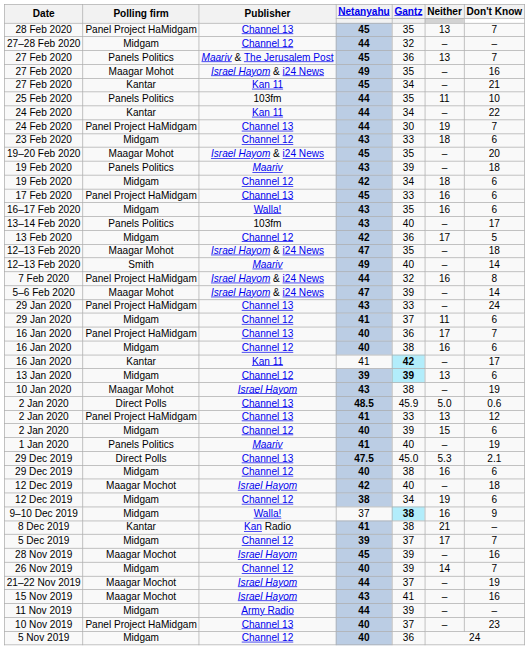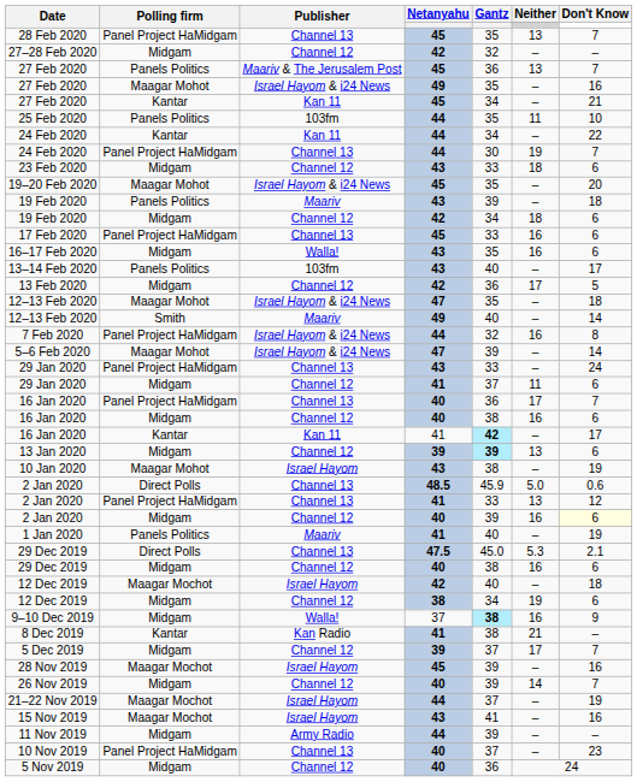 <table class="wikitable sortable" style="text-align:center; font-size:90%; line-height:13px;">
 <tr>
 <th rowspan=2>Date</th>
 <th rowspan=2>Polling firm</th>
 <th rowspan=2>Publisher</th>
 <th><a href='#'>Netanyahu</a></th>
 <th><a href='#'>Gantz</a></th>
 <th>Neither</th>
 <th>Don't Know</th>
 </tr>
 <tr>
 <th style="background:"></th>
 <th style="background:"></th>
 <th style="background:#d3d3d3"></th>
 <th style="background:#ffffff"></th>
 </tr>
 <tr>
 <td data-sort-value="2020-02-28">28 Feb 2020</td>
 <td>Panel Project HaMidgam</td>
 <td><a href='#'>Channel 13</a></td>
 <td style="background:#BBCDE4"><strong>45</strong>	</td>
 <td>35					</td>
 <td>13					</td>
 <td>7					</td>
 </tr>
 <tr>
 <td data-sort-value="2020-02-28">27–28 Feb 2020</td>
 <td>Midgam</td>
 <td><a href='#'>Channel 12</a></td>
-<td style="background:#BBCDE4"><strong>44</strong>	</td>
+<td style="background:#BBCDE4"><strong>42</strong>	</td>
 <td>32					</td>
 <td>–					</td>
 <td>–					</td>
 </tr>
 <tr>
 <td data-sort-value="2020-02-27">27 Feb 2020</td>
 <td>Panels Politics</td>
 <td><em><a href='#'>Maariv</a></em> & <a href='#'>The Jerusalem Post</a></td>
 <td style="background:#BBCDE4"><strong>45</strong>	</td>
 <td>36					</td>
 <td>13					</td>
 <td>7					</td>
 </tr>
 <tr>
 <td data-sort-value="2020-02-27">27 Feb 2020</td>
 <td>Maagar Mohot</td>
 <td><em><a href='#'>Israel Hayom</a></em> & <a href='#'>i24 News</a></td>
 <td style="background:#BBCDE4"><strong>49</strong>	</td>
 <td>35					</td>
 <td>–					</td>
 <td>16					</td>
 </tr>
 <tr>
 <td data-sort-value="2020-02-27">27 Feb 2020</td>
 <td>Kantar</td>
 <td><a href='#'>Kan 11</a></td>
 <td style="background:#BBCDE4"><strong>45</strong>	</td>
 <td>34					</td>
 <td>–					</td>
 <td>21					</td>
 </tr>
 <tr>
 <td data-sort-value="2020-02-25">25 Feb 2020</td>
 <td>Panels Politics</td>
 <td>103fm</td>
 <td style="background:#BBCDE4"><strong>44</strong>	</td>
 <td>35					</td>
 <td>11					</td>
 <td>10					</td>
 </tr>
 <tr>
 <td data-sort-value="2020-02-24">24 Feb 2020</td>
 <td>Kantar</td>
 <td><a href='#'>Kan 11</a></td>
 <td style="background:#BBCDE4"><strong>44</strong>	</td>
 <td>34					</td>
 <td>–					</td>
 <td>22					</td>
 </tr>
 <tr>
 <td data-sort-value="2020-02-24">24 Feb 2020</td>
 <td>Panel Project HaMidgam</td>
 <td><a href='#'>Channel 13</a></td>
 <td style="background:#BBCDE4"><strong>44</strong>	</td>
 <td>30					</td>
 <td>19					</td>
 <td>7					</td>
 </tr>
 <tr>
 <td data-sort-value="2020-02-23">23 Feb 2020</td>
 <td>Midgam</td>
 <td><a href='#'>Channel 12</a></td>
 <td style="background:#BBCDE4"><strong>43</strong>	</td>
 <td>33					</td>
 <td>18					</td>
 <td>6					</td>
 </tr>
 <tr>
 <td data-sort-value="2020-02-20">19–20 Feb 2020</td>
 <td>Maagar Mohot</td>
 <td><em><a href='#'>Israel Hayom</a></em> & <a href='#'>i24 News</a></td>
 <td style="background:#BBCDE4"><strong>45</strong>	</td>
 <td>35					</td>
 <td>–					</td>
 <td>20					</td>
 </tr>
 <tr>
 <td data-sort-value="2020-02-19">19 Feb 2020</td>
 <td>Panels Politics</td>
 <td><em><a href='#'>Maariv</a></em></td>
 <td style="background:#BBCDE4"><strong>43</strong>	</td>
 <td>39					</td>
 <td>–					</td>
 <td>18					</td>
 </tr>
 <tr>
 <td data-sort-value="2020-02-19">19 Feb 2020</td>
 <td>Midgam</td>
 <td><a href='#'>Channel 12</a></td>
 <td style="background:#BBCDE4"><strong>42</strong>	</td>
 <td>34					</td>
 <td>18					</td>
 <td>6					</td>
 </tr>
 <tr>
 <td data-sort-value="2020-02-17">17 Feb 2020</td>
 <td>Panel Project HaMidgam</td>
 <td><a href='#'>Channel 13</a></td>
 <td style="background:#BBCDE4"><strong>45</strong>	</td>
 <td>33					</td>
 <td>16					</td>
 <td>6					</td>
 </tr>
 <tr>
 <td data-sort-value="2020-02-17">16–17 Feb 2020</td>
 <td>Midgam</td>
 <td><a href='#'>Walla!</a></td>
 <td style="background:#BBCDE4"><strong>43</strong>	</td>
 <td>35					</td>
 <td>16					</td>
 <td>6					</td>
 </tr>
 <tr>
 <td data-sort-value="2020-02-14">13–14 Feb 2020</td>
 <td>Panels Politics</td>
 <td>103fm</td>
 <td style="background:#BBCDE4"><strong>43</strong>	</td>
 <td>40					</td>
 <td>–					</td>
 <td>17					</td>
 </tr>
 <tr>
 <td data-sort-value="2020-02-13">13 Feb 2020</td>
 <td>Midgam</td>
 <td><a href='#'>Channel 12</a></td>
 <td style="background:#BBCDE4"><strong>42</strong>	</td>
 <td>36					</td>
 <td>17					</td>
 <td>5					</td>
 </tr>
 <tr>
 <td data-sort-value="2020-02-13">12–13 Feb 2020</td>
 <td>Maagar Mohot</td>
 <td><em><a href='#'>Israel Hayom</a></em> & <a href='#'>i24 News</a></td>
 <td style="background:#BBCDE4"><strong>47</strong>	</td>
 <td>35					</td>
 <td>–					</td>
 <td>18					</td>
 </tr>
 <tr>
 <td data-sort-value="2020-02-13">12–13 Feb 2020</td>
 <td>Smith</td>
 <td><em><a href='#'>Maariv</a></em></td>
 <td style="background:#BBCDE4"><strong>49</strong>	</td>
 <td>40					</td>
 <td>–					</td>
 <td>14					</td>
 </tr>
 <tr>
 <td data-sort-value="2020-02-07">7 Feb 2020</td>
 <td>Panel Project HaMidgam</td>
 <td><em><a href='#'>Israel Hayom</a></em> & <a href='#'>i24 News</a></td>
 <td style="background:#BBCDE4"><strong>44</strong>	</td>
 <td>32					</td>
 <td>16					</td>
 <td>8					</td>
 </tr>
 <tr>
 <td data-sort-value="2020-02-06">5–6 Feb 2020</td>
 <td>Maagar Mohot</td>
 <td><em><a href='#'>Israel Hayom</a></em> & <a href='#'>i24 News</a></td>
 <td style="background:#BBCDE4"><strong>47</strong>	</td>
 <td>39					</td>
 <td>–					</td>
 <td>14					</td>
 </tr>
 <tr>
 <td data-sort-value="2020-01-29">29 Jan 2020</td>
 <td>Panel Project HaMidgam</td>
 <td><a href='#'>Channel 13</a></td>
 <td style="background:#BBCDE4"><strong>43</strong>	</td>
 <td>33					</td>
 <td>–					</td>
 <td>24					</td>
 </tr>
 <tr>
 <td data-sort-value="2020-01-29">29 Jan 2020</td>
 <td>Midgam</td>
 <td><a href='#'>Channel 12</a></td>
 <td style="background:#BBCDE4"><strong>41</strong>	</td>
 <td>37					</td>
 <td>11					</td>
 <td>6					</td>
 </tr>
 <tr>
 <td data-sort-value="2020-01-16">16 Jan 2020</td>
 <td>Panel Project HaMidgam</td>
 <td><a href='#'>Channel 13</a></td>
 <td style="background:#BBCDE4"><strong>40</strong>	</td>
 <td>36					</td>
 <td>17					</td>
 <td>7					</td>
 </tr>
 <tr>
 <td data-sort-value="2020-01-16">16 Jan 2020</td>
 <td>Midgam</td>
 <td><a href='#'>Channel 12</a></td>
 <td style="background:#BBCDE4"><strong>40</strong>	</td>
 <td>38					</td>
 <td>16					</td>
 <td>6					</td>
 </tr>
 <tr>
 <td data-sort-value="2020-01-16">16 Jan 2020</td>
 <td>Kantar</td>
 <td><a href='#'>Kan 11</a></td>
 <td>41					</td>
 <td style="background:#B2EDFB"><strong>42</strong>	</td>
 <td>–					</td>
 <td>17					</td>
 </tr>
 <tr>
 <td data-sort-value="2020-01-13">13 Jan 2020</td>
 <td>Midgam</td>
 <td><a href='#'>Channel 12</a></td>
 <td style="background:#BBCDE4"><strong>39</strong>	</td>
 <td style="background:#B2EDFB"><strong>39</strong>	</td>
 <td>13					</td>
 <td>6					</td>
 </tr>
 <tr>
 <td data-sort-value="2020-01-10">10 Jan 2020</td>
 <td>Maagar Mohot</td>
 <td><em><a href='#'>Israel Hayom</a></em></td>
 <td style="background:#BBCDE4"><strong>43</strong>	</td>
 <td>38					</td>
 <td>–					</td>
 <td>19					</td>
 </tr>
 <tr>
 <td data-sort-value="2020-01-02">2 Jan 2020</td>
 <td>Direct Polls</td>
 <td><a href='#'>Channel 13</a></td>
 <td style="background:#BBCDE4"><strong>48.5</strong>	</td>
 <td>45.9					</td>
 <td>5.0					</td>
 <td>0.6					</td>
 </tr>
 <tr>
 <td data-sort-value="2020-01-02">2 Jan 2020</td>
 <td>Panel Project HaMidgam</td>
 <td><a href='#'>Channel 13</a></td>
 <td style="background:#BBCDE4"><strong>41</strong>	</td>
 <td>33					</td>
 <td>13					</td>
 <td>12					</td>
 </tr>
 <tr>
 <td data-sort-value="2020-01-02">2 Jan 2020</td>
 <td>Midgam</td>
 <td><a href='#'>Channel 12</a></td>
 <td style="background:#BBCDE4"><strong>40</strong>	</td>
 <td>39					</td>
-<td>15					</td>
-<td>6					</td>
+<td>16					</td>
+<td style="background: lightyellow;">6					</td>
 </tr>
 <tr>
 <td data-sort-value="2020-01-01">1 Jan 2020</td>
 <td>Panels Politics</td>
 <td><em><a href='#'>Maariv</a></em></td>
 <td style="background:#BBCDE4"><strong>41</strong>	</td>
 <td>40					</td>
 <td>–					</td>
 <td>19					</td>
 </tr>
 <tr>
 <td data-sort-value="2019-12-29">29 Dec 2019</td>
 <td>Direct Polls</td>
 <td><a href='#'>Channel 13</a></td>
 <td style="background:#BBCDE4"><strong>47.5</strong>	</td>
 <td>45.0					</td>
 <td>5.3					</td>
 <td>2.1					</td>
 </tr>
 <tr>
 <td data-sort-value="2019-12-29">29 Dec 2019</td>
 <td>Midgam</td>
 <td><a href='#'>Channel 12</a></td>
 <td style="background:#BBCDE4"><strong>40</strong>	</td>
 <td>38					</td>
 <td>16					</td>
 <td>6					</td>
 </tr>
 <tr>
 <td data-sort-value="2019-12-12">12 Dec 2019</td>
 <td>Maagar Mochot</td>
 <td><em><a href='#'>Israel Hayom</a></em></td>
 <td style="background:#BBCDE4"><strong>42</strong>	</td>
 <td>40					</td>
 <td>–					</td>
 <td>18					</td>
 </tr>
 <tr>
 <td data-sort-value="2019-12-12">12 Dec 2019</td>
 <td>Midgam</td>
 <td><a href='#'>Channel 12</a></td>
 <td style="background:#BBCDE4"><strong>38</strong>	</td>
 <td>34					</td>
 <td>19					</td>
 <td>6					</td>
 </tr>
 <tr>
 <td data-sort-value="2019-12-10">9–10 Dec 2019</td>
 <td>Midgam</td>
 <td><a href='#'>Walla!</a></td>
 <td>37					</td>
 <td style="background:#B2EDFB"><strong>38</strong>	</td>
 <td>16					</td>
 <td>9					</td>
 </tr>
 <tr>
 <td data-sort-value="2019-12-08">8 Dec 2019</td>
 <td>Kantar</td>
 <td><a href='#'>Kan</a> Radio</td>
 <td style="background:#BBCDE4"><strong>41</strong>	</td>
 <td>38					</td>
 <td>21					</td>
 <td>–					</td>
 </tr>
 <tr>
 <td data-sort-value="2019-12-05">5 Dec 2019</td>
 <td>Midgam</td>
 <td><a href='#'>Channel 12</a></td>
 <td style="background:#BBCDE4"><strong>39</strong>	</td>
 <td>37					</td>
 <td>17					</td>
 <td>7					</td>
 </tr>
 <tr>
 <td data-sort-value="2019-11-28">28 Nov 2019</td>
 <td>Maagar Mochot</td>
 <td><em><a href='#'>Israel Hayom</a></em></td>
 <td style="background:#BBCDE4"><strong>45</strong>	</td>
 <td>39					</td>
 <td>–					</td>
 <td>16					</td>
 </tr>
 <tr>
 <td data-sort-value="2019-11-26">26 Nov 2019</td>
 <td>Midgam</td>
 <td><a href='#'>Channel 12</a></td>
 <td style="background:#BBCDE4"><strong>40</strong>	</td>
 <td>39					</td>
 <td>14					</td>
 <td>7					</td>
 </tr>
 <tr>
 <td data-sort-value="2019-11-22">21–22 Nov 2019</td>
 <td>Maagar Mochot</td>
 <td><em><a href='#'>Israel Hayom</a></em></td>
 <td style="background:#BBCDE4"><strong>44</strong>	</td>
 <td>37					</td>
 <td>–					</td>
 <td>19					</td>
 </tr>
 <tr>
 <td data-sort-value="2019-11-15">15 Nov 2019</td>
 <td>Maagar Mochot</td>
 <td><em><a href='#'>Israel Hayom</a></em></td>
 <td style="background:#BBCDE4"><strong>43</strong>	</td>
 <td>41					</td>
 <td>–					</td>
 <td>16					</td>
 </tr>
 <tr>
 <td data-sort-value="2019-11-11">11 Nov 2019</td>
 <td>Midgam</td>
 <td><a href='#'>Army Radio</a></td>
 <td style="background:#BBCDE4"><strong>44</strong>	</td>
 <td>39					</td>
 <td>–					</td>
 <td>–					</td>
 </tr>
 <tr>
 <td data-sort-value="2019-11-10">10 Nov 2019</td>
 <td>Panel Project HaMidgam</td>
 <td><a href='#'>Channel 13</a></td>
 <td style="background:#BBCDE4"><strong>40</strong>	</td>
 <td>37					</td>
 <td>–					</td>
 <td>23					</td>
 </tr>
 <tr>
 <td data-sort-value="2019-11-05">5 Nov 2019</td>
 <td>Midgam</td>
 <td><a href='#'>Channel 12</a></td>
 <td style="background:#BBCDE4"><strong>40</strong>	</td>
 <td>36					</td>
 <td colspan=2>24				</td>
 </tr>
 </table>
